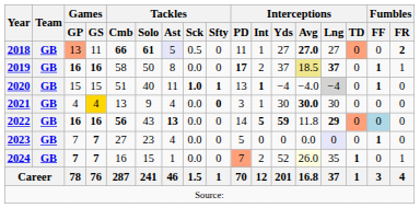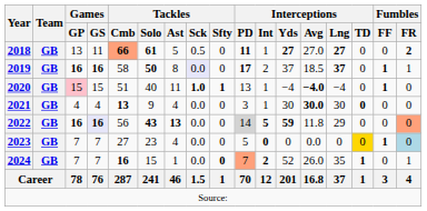 <table class="wikitable" style="text-align: center;">
 <tr>
 <th rowspan="2">Year</th>
 <th rowspan="2">Team</th>
 <th colspan="2">Games</th>
 <th colspan="5">Tackles</th>
 <th colspan="6">Interceptions</th>
 <th colspan="2">Fumbles</th>
 </tr>
 <tr>
 <th>GP</th>
 <th>GS</th>
 <th>Cmb</th>
 <th>Solo</th>
 <th>Ast</th>
 <th>Sck</th>
 <th>Sfty</th>
 <th>PD</th>
 <th>Int</th>
 <th>Yds</th>
 <th>Avg</th>
 <th>Lng</th>
 <th>TD</th>
 <th>FF</th>
 <th>FR</th>
 </tr>
 <tr>
 <th><a href='#'>2018</a></th>
 <th><a href='#'>GB</a></th>
-<td style="background: lightsalmon;">13</td>
+<td>13</td>
 <td>11</td>
-<td><strong>66</strong></td>
+<td style="background: lightsalmon;"><strong>66</strong></td>
 <td><strong>61</strong></td>
-<td style="background: lavender;">5</td>
+<td>5</td>
 <td>0.5</td>
 <td>0</td>
-<td>11</td>
+<td><strong>11</strong></td>
 <td>1</td>
-<td>27</td>
-<td><strong>27.0</strong></td>
-<td>27</td>
-<td style="background: lightsalmon;">0</td>
+<td><strong>27</strong></td>
+<td>27.0</td>
+<td><strong>27</strong></td>
+<td>0</td>
 <td>0</td>
 <td><strong>2</strong></td>
 </tr>
 <tr>
 <th><a href='#'>2019</a></th>
 <th><a href='#'>GB</a></th>
 <td><strong>16</strong></td>
 <td><strong>16</strong></td>
 <td>58</td>
-<td>50</td>
+<td><strong>50</strong></td>
 <td>8</td>
-<td>0.0</td>
+<td style="background: lavender;">0.0</td>
 <td>0</td>
 <td><strong>17</strong></td>
 <td>2</td>
 <td>37</td>
-<td style="background: khaki;">18.5</td>
+<td>18.5</td>
 <td><strong>37</strong></td>
 <td>0</td>
 <td><strong>1</strong></td>
 <td>1</td>
 </tr>
 <tr>
 <th><a href='#'>2020</a></th>
 <th><a href='#'>GB</a></th>
-<td>15</td>
+<td style="background: pink;">15</td>
 <td>15</td>
 <td>51</td>
 <td>40</td>
 <td>11</td>
 <td><strong>1.0</strong></td>
 <td><strong>1</strong></td>
 <td>13</td>
-<td><strong>1</strong></td>
+<td>1</td>
 <td>−4</td>
-<td>−4.0</td>
-<td style="background: lightgrey;">−4</td>
+<td><strong>−4.0</strong></td>
+<td>−4</td>
 <td>0</td>
 <td><strong>1</strong></td>
 <td>0</td>
 </tr>
 <tr>
 <th><a href='#'>2021</a></th>
 <th><a href='#'>GB</a></th>
 <td>4</td>
-<td style="background: gold;">4</td>
-<td>13</td>
+<td>4</td>
+<td><strong>13</strong></td>
 <td>9</td>
 <td>4</td>
 <td>0.0</td>
-<td><strong>0</strong></td>
+<td>0</td>
 <td>3</td>
 <td>1</td>
 <td>30</td>
 <td><strong>30.0</strong></td>
 <td>30</td>
-<td>0</td>
+<td><strong>0</strong></td>
 <td>0</td>
 <td>0</td>
 </tr>
 <tr>
 <th><a href='#'>2022</a></th>
 <th><a href='#'>GB</a></th>
 <td><strong>16</strong></td>
-<td><strong>16</strong></td>
-<td><strong>56</strong></td>
-<td>43</td>
+<td style="background: lavender;"><strong>16</strong></td>
+<td>56</td>
+<td><strong>43</strong></td>
 <td><strong>13</strong></td>
 <td>0.0</td>
 <td>0</td>
-<td>14</td>
+<td style="background: lightgrey;">14</td>
 <td><strong>5</strong></td>
 <td><strong>59</strong></td>
 <td>11.8</td>
-<td><strong>29</strong></td>
+<td>29</td>
+<td>0</td>
+<td>0</td>
 <td style="background: lightsalmon;">0</td>
-<td style="background: lightblue;">0</td>
-<td>0</td>
 </tr>
 <tr>
 <th><a href='#'>2023</a></th>
 <th><a href='#'>GB</a></th>
 <td>7</td>
-<td><strong>7</strong></td>
+<td>7</td>
 <td>27</td>
 <td>23</td>
 <td>4</td>
 <td>0.0</td>
 <td>0</td>
 <td>5</td>
-<td>0</td>
+<td><strong>0</strong></td>
 <td>0</td>
 <td>0.0</td>
-<td style="background: lavender;">0</td>
 <td>0</td>
+<td style="background: gold;">0</td>
 <td><strong>1</strong></td>
-<td>0</td>
+<td style="background: lightblue;">0</td>
 </tr>
 <tr>
 <th><a href='#'>2024</a></th>
 <th><a href='#'>GB</a></th>
-<td><strong>7</strong></td>
-<td><strong>7</strong></td>
-<td>16</td>
+<td>7</td>
+<td>7</td>
+<td><strong>16</strong></td>
 <td>15</td>
 <td>1</td>
 <td>0.0</td>
-<td>0</td>
+<td><strong>0</strong></td>
 <td style="background: lightsalmon;">7</td>
-<td>2</td>
+<td><strong>2</strong></td>
 <td>52</td>
-<td style="background: lightyellow;">26.0</td>
+<td>26.0</td>
 <td>35</td>
 <td><strong>1</strong></td>
 <td>0</td>
 <td>1</td>
 </tr>
 <tr>
 <th colspan="2">Career</th>
 <th>78</th>
 <th>76</th>
 <th>287</th>
 <th>241</th>
 <th>46</th>
 <th>1.5</th>
 <th>1</th>
 <th>70</th>
 <th>12</th>
 <th>201</th>
 <th>16.8</th>
 <th>37</th>
 <th>1</th>
 <th>3</th>
 <th>4</th>
 </tr>
 <tr>
 <td colspan="17"><small>Source: </small></td>
 </tr>
 </table>
